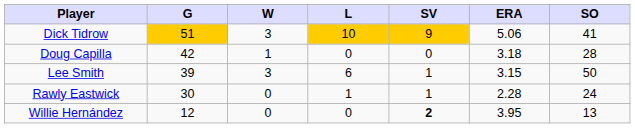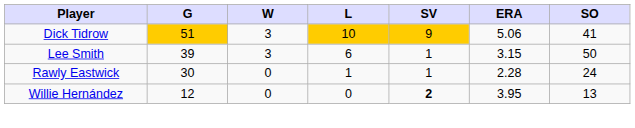 <table class="wikitable sortable">
 <tr>
 <th style="background:#ddf; width:16%;">Player</th>
 <th style="background:#ddf; width:9%;">G</th>
 <th style="background:#ddf; width:9%;">W</th>
 <th style="background:#ddf; width:9%;">L</th>
 <th style="background:#ddf; width:9%;">SV</th>
 <th style="background:#ddf; width:9%;">ERA</th>
 <th style="background:#ddf; width:9%;">SO</th>
 </tr>
 <tr align=center>
 <td><a href='#'>Dick Tidrow</a></td>
 <td style="background:#fc0;">51</td>
 <td>3</td>
 <td style="background:#fc0;">10</td>
 <td style="background:#fc0;">9</td>
 <td>5.06</td>
 <td>41</td>
-</tr>
-<tr align=center>
-<td><a href='#'>Doug Capilla</a></td>
-<td>42</td>
-<td>1</td>
-<td>0</td>
-<td>0</td>
-<td>3.18</td>
-<td>28</td>
 </tr>
 <tr align=center>
 <td><a href='#'>Lee Smith</a></td>
 <td>39</td>
 <td>3</td>
 <td>6</td>
 <td>1</td>
 <td>3.15</td>
 <td>50</td>
 </tr>
 <tr align=center>
 <td><a href='#'>Rawly Eastwick</a></td>
 <td>30</td>
 <td>0</td>
 <td>1</td>
 <td>1</td>
 <td>2.28</td>
 <td>24</td>
 </tr>
 <tr align=center>
 <td><a href='#'>Willie Hernández</a></td>
 <td>12</td>
 <td>0</td>
 <td>0</td>
 <td><strong>2</strong></td>
 <td>3.95</td>
 <td>13</td>
 </tr>
 </table>
